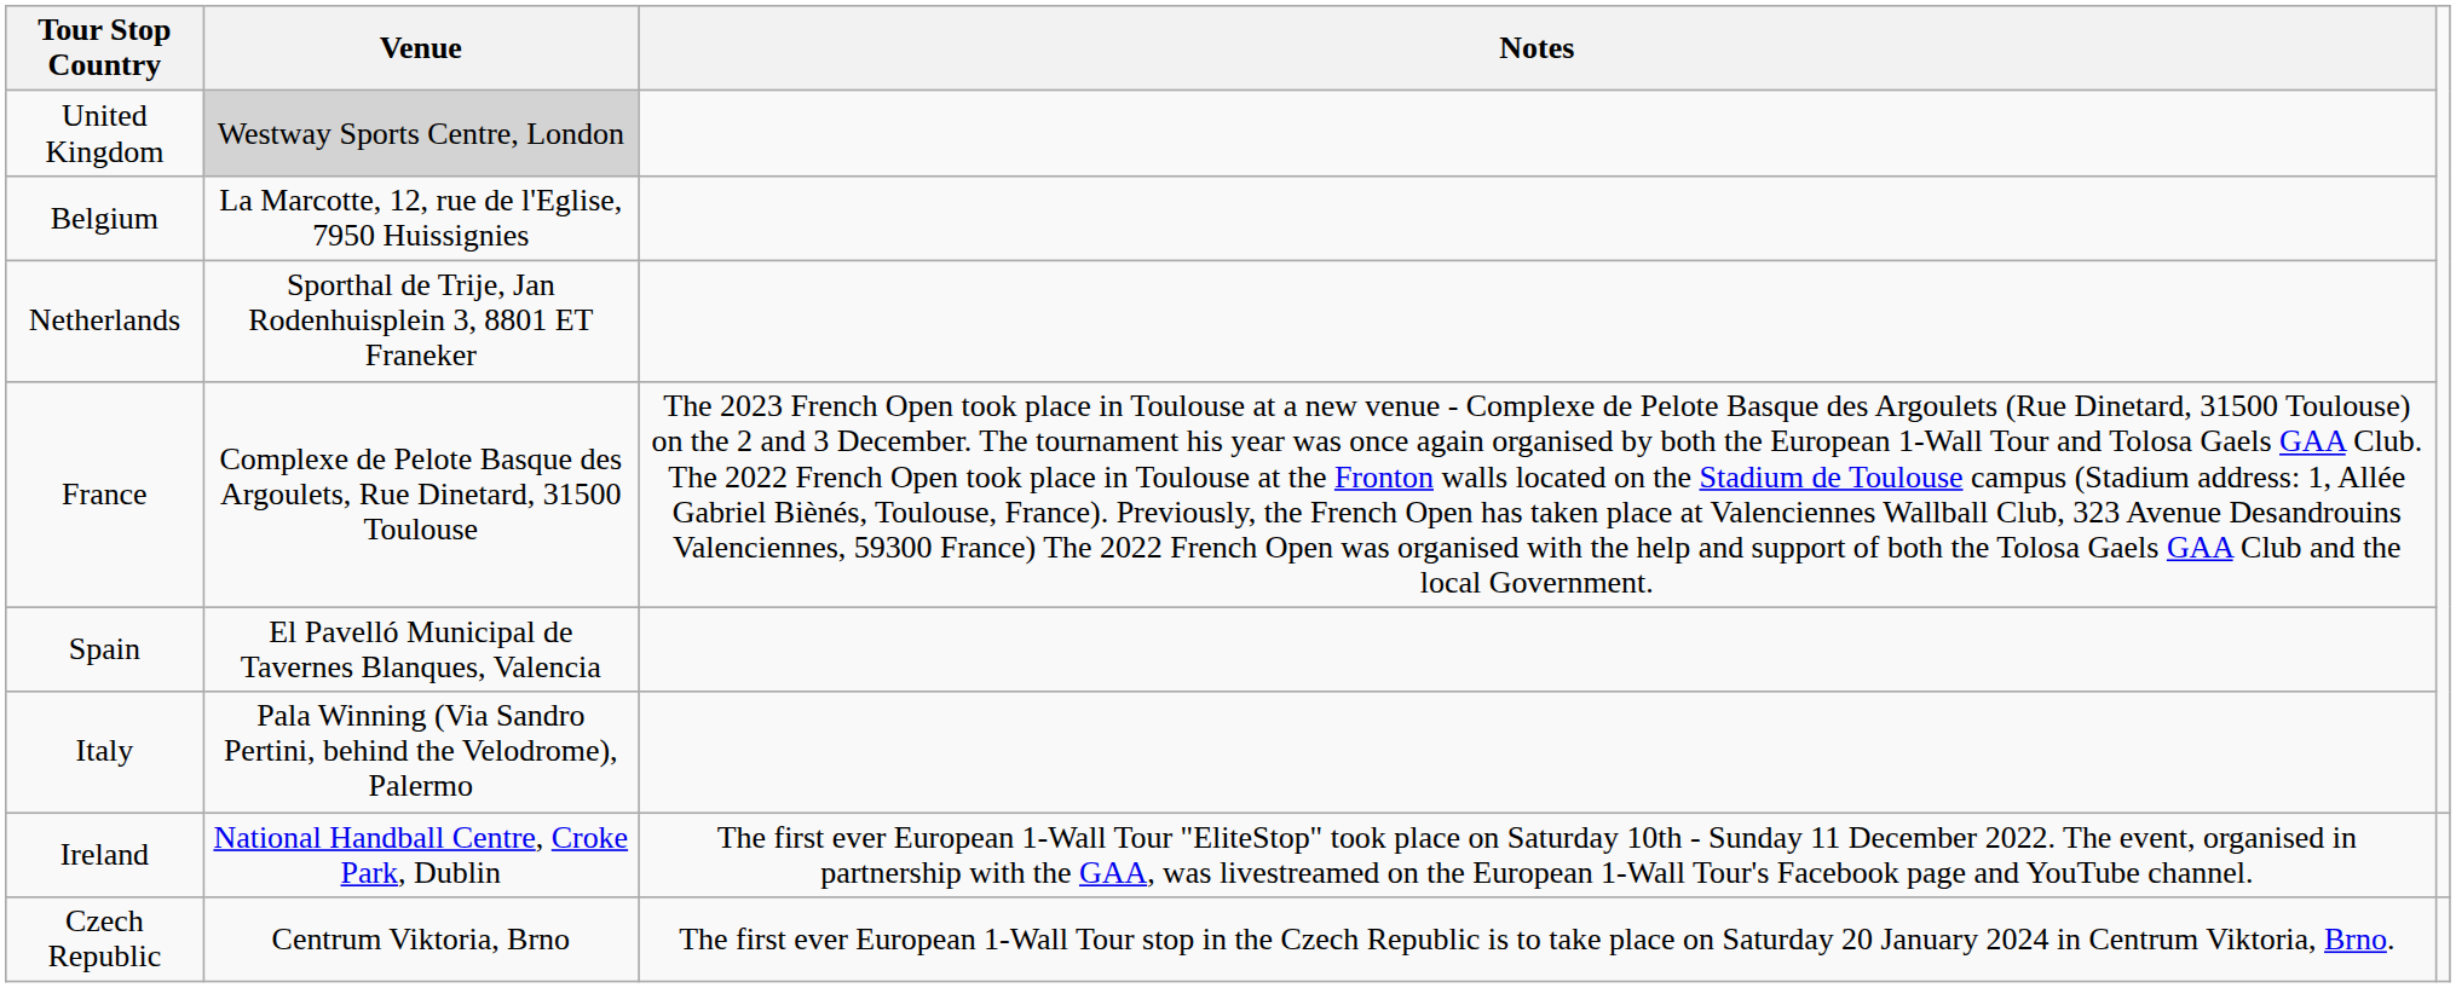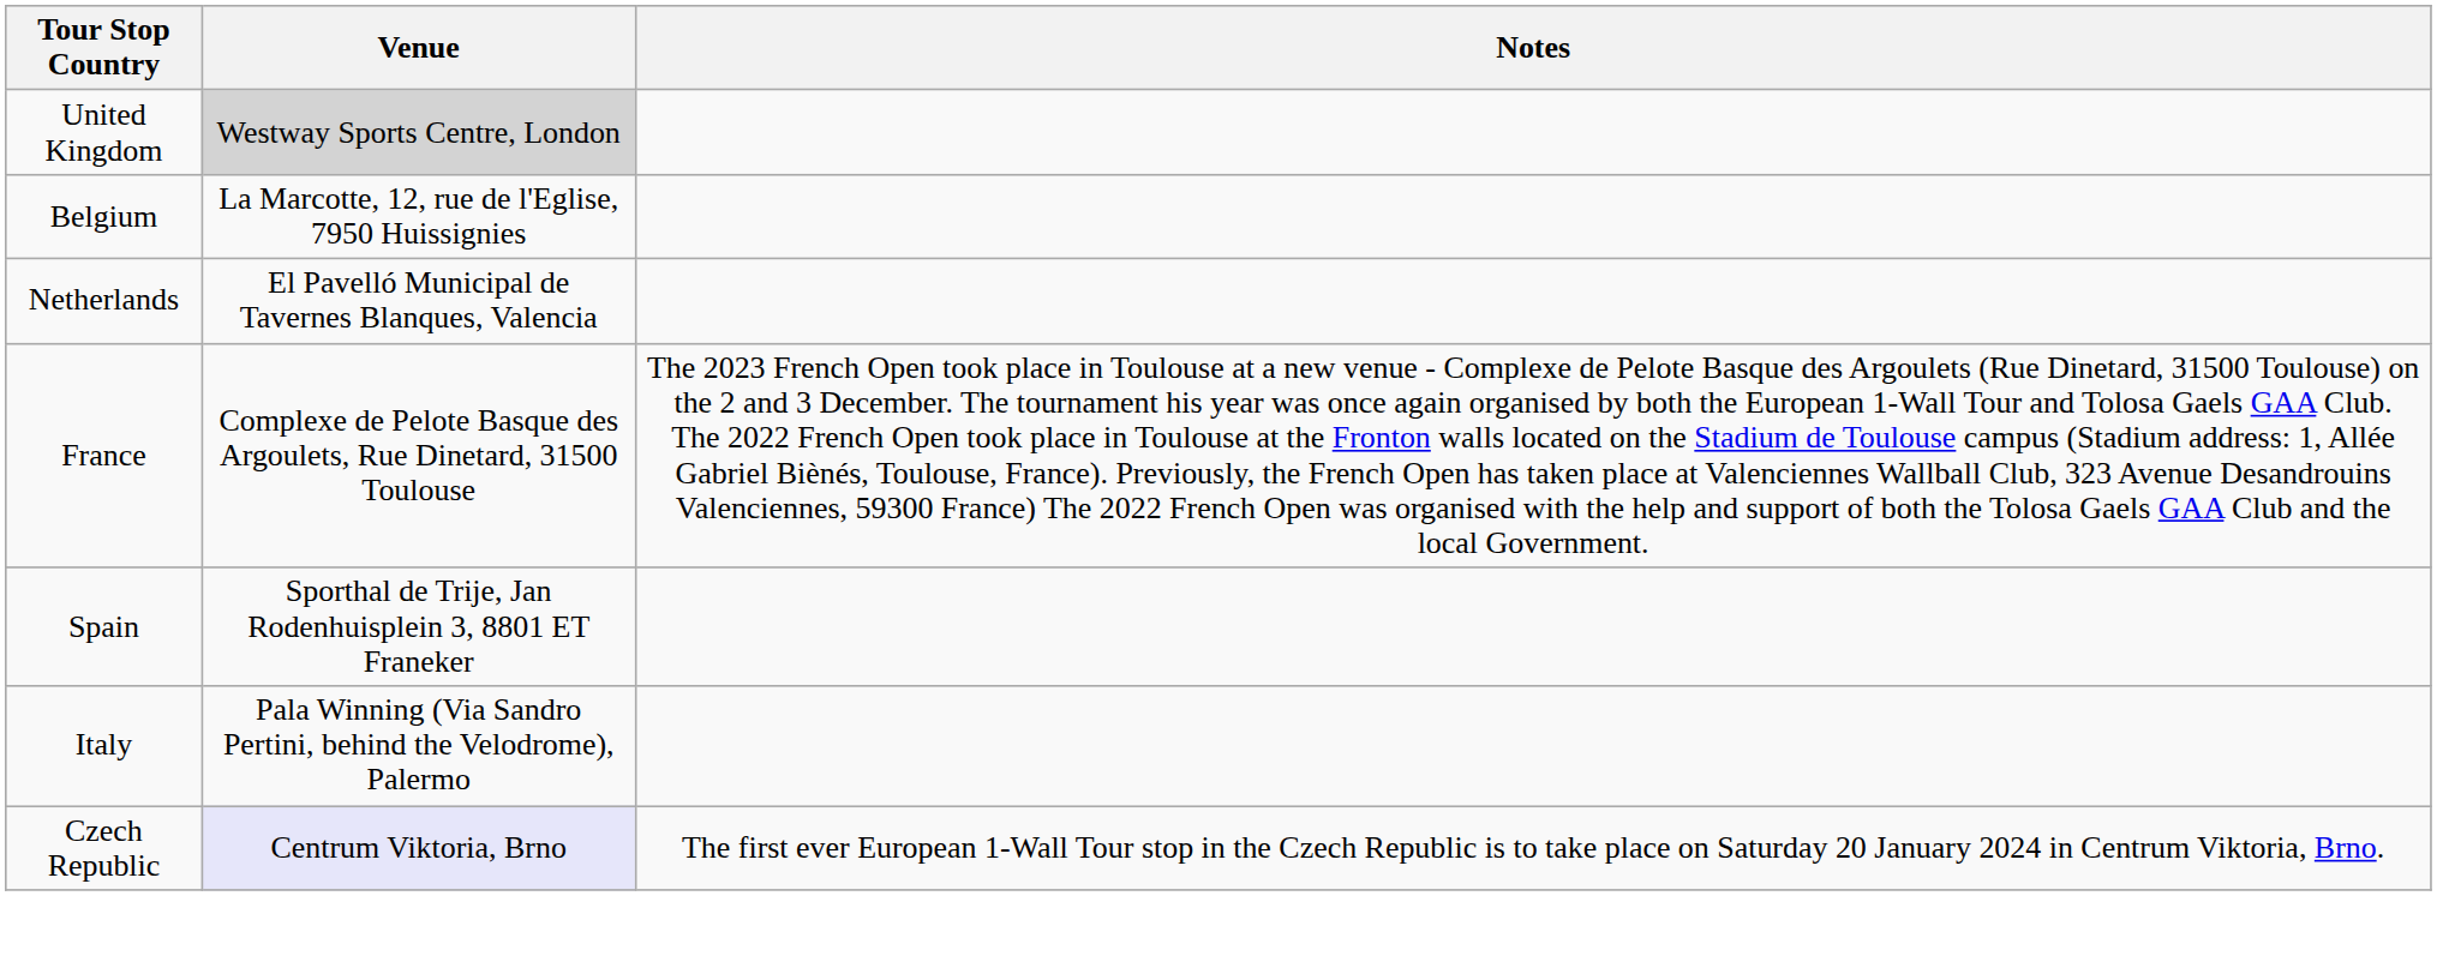 <table class="wikitable sortable" style="text-align:center;">
 <tr>
 <th>Tour Stop Country</th>
 <th>Venue</th>
 <th>Notes</th>
 </tr>
 <tr>
 <td>United Kingdom</td>
 <td style="background: lightgrey;">Westway Sports Centre, London</td>
 <td></td>
 </tr>
 <tr>
 <td>Belgium</td>
 <td>La Marcotte, 12, rue de l'Eglise, 7950 Huissignies</td>
 <td></td>
 </tr>
 <tr>
 <td>Netherlands</td>
-<td>Sporthal de Trije, Jan Rodenhuisplein 3, 8801 ET Franeker</td>
+<td>El Pavelló Municipal de Tavernes Blanques, Valencia</td>
 <td></td>
 </tr>
 <tr>
 <td>France</td>
 <td>Complexe de Pelote Basque des Argoulets, Rue Dinetard, 31500 Toulouse</td>
 <td>The 2023 French Open took place in Toulouse at a new venue - Complexe de Pelote Basque des Argoulets (Rue Dinetard, 31500 Toulouse) on the 2 and 3 December. The tournament his year was once again organised by both the European 1-Wall Tour and Tolosa Gaels <a href='#'>GAA</a> Club.<br>The 2022 French Open took place in Toulouse at the <a href='#'>Fronton</a> walls located on the <a href='#'>Stadium de Toulouse</a> campus (Stadium address: 1, Allée Gabriel Biènés, Toulouse, France). Previously, the French Open has taken place at Valenciennes Wallball Club, 323 Avenue Desandrouins Valenciennes, 59300 France) The 2022 French Open was organised with the help and support of both the Tolosa Gaels <a href='#'>GAA</a> Club and the local Government.</td>
 </tr>
 <tr>
 <td>Spain</td>
-<td>El Pavelló Municipal de Tavernes Blanques, Valencia</td>
+<td>Sporthal de Trije, Jan Rodenhuisplein 3, 8801 ET Franeker</td>
 <td></td>
 </tr>
 <tr>
 <td>Italy</td>
 <td>Pala Winning (Via Sandro Pertini, behind the Velodrome), Palermo</td>
 <td></td>
 </tr>
 <tr>
-<td>Ireland</td>
-<td><a href='#'>National Handball Centre</a>, <a href='#'>Croke Park</a>, Dublin</td>
-<td>The first ever European 1-Wall Tour "EliteStop" took place on Saturday 10th - Sunday 11 December 2022. The event, organised in partnership with the <a href='#'>GAA</a>, was livestreamed on the European 1-Wall Tour's Facebook page and YouTube channel.</td>
-<td></td>
-</tr>
-<tr>
 <td>Czech Republic</td>
-<td>Centrum Viktoria, Brno</td>
+<td style="background: lavender;">Centrum Viktoria, Brno</td>
 <td>The first ever European 1-Wall Tour stop in the Czech Republic is to take place on Saturday 20 January 2024 in Centrum Viktoria, <a href='#'>Brno</a>.</td>
 </tr>
 </table>
